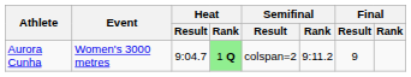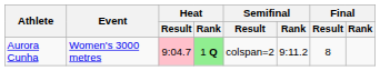 <table class="wikitable" style="font-size:90%; width:40%">
 <tr>
 <th rowspan="2">Athlete</th>
 <th rowspan="2">Event</th>
 <th colspan="2">Heat</th>
 <th colspan="2">Semifinal</th>
 <th colspan="2">Final</th>
 </tr>
 <tr style="font-size:95%">
 <th>Result</th>
 <th>Rank</th>
 <th>Result</th>
 <th>Rank</th>
 <th>Result</th>
 <th>Rank</th>
 </tr>
 <tr align=center>
 <td align=left><a href='#'>Aurora Cunha</a></td>
 <td align=left><a href='#'>Women's 3000 metres</a></td>
-<td>9:04.7</td>
+<td style="background: pink;">9:04.7</td>
 <td style="background: lightgreen;">1 <strong>Q</strong></td>
 <td>colspan=2 </td>
 <td>9:11.2</td>
-<td>9</td>
+<td>8</td>
 </tr>
 </table>
